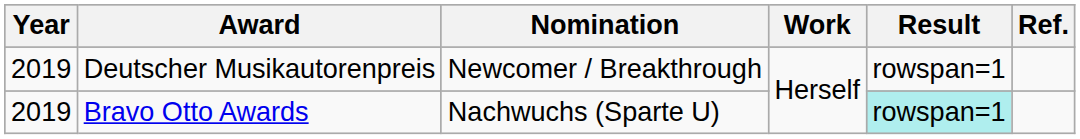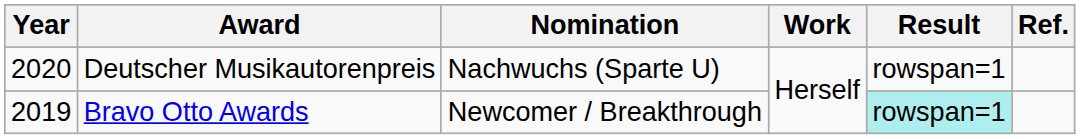 <table class="wikitable">
 <tr>
 <th>Year</th>
 <th>Award</th>
 <th>Nomination</th>
 <th>Work</th>
 <th>Result</th>
 <th>Ref.</th>
 </tr>
 <tr>
-<td>2019</td>
+<td>2020</td>
 <td>Deutscher Musikautorenpreis</td>
-<td>Newcomer / Breakthrough</td>
+<td>Nachwuchs (Sparte U)</td>
 <td rowspan="2">Herself</td>
 <td>rowspan=1 </td>
 <td></td>
 </tr>
 <tr>
 <td>2019</td>
 <td><a href='#'>Bravo Otto Awards</a></td>
-<td>Nachwuchs (Sparte U)</td>
+<td>Newcomer / Breakthrough</td>
 <td style="background: paleturquoise;">rowspan=1 </td>
 <td></td>
 </tr>
 </table>
